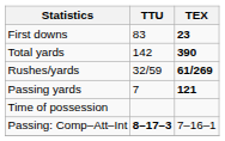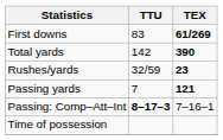 <table class="wikitable" style="float: left;">
 <tr>
 <th>Statistics</th>
 <th>TTU</th>
 <th>TEX</th>
 </tr>
 <tr>
 <td>First downs</td>
 <td>83</td>
-<td><strong>23</strong></td>
+<td><strong>61/269</strong></td>
 </tr>
 <tr>
 <td>Total yards</td>
 <td>142</td>
 <td><strong>390</strong></td>
 </tr>
 <tr>
 <td>Rushes/yards</td>
 <td>32/59</td>
-<td><strong>61/269</strong></td>
+<td><strong>23</strong></td>
 </tr>
 <tr>
 <td>Passing yards</td>
 <td>7</td>
 <td><strong>121</strong></td>
 </tr>
 <tr>
+<td>Passing: Comp–Att–Int</td>
+<td><strong>8–17–3</strong></td>
+<td>7–16–1</td>
+</tr>
+<tr>
 <td>Time of possession</td>
 <td></td>
 <td></td>
 </tr>
 <tr>
-<td>Passing: Comp–Att–Int</td>
-<td><strong>8–17–3</strong></td>
-<td>7–16–1</td>
-</tr>
-<tr>
 </tr>
 </table>
